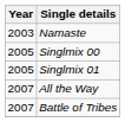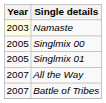 <table class="wikitable">
 <tr>
 <th>Year</th>
 <th>Single details</th>
 </tr>
 <tr>
-<td>2003</td>
+<td style="background: lightyellow;">2003</td>
 <td><em>Namaste</em></td>
 </tr>
 <tr>
 <td>2005</td>
 <td><em>Singlmix 00</em></td>
 </tr>
 <tr>
 <td>2005</td>
 <td><em>Singlmix 01</em></td>
 </tr>
 <tr>
 <td>2007</td>
 <td><em>All the Way</em></td>
 </tr>
 <tr>
 <td>2007</td>
 <td><em>Battle of Tribes</em></td>
 </tr>
 <tr>
 </tr>
 </table>
